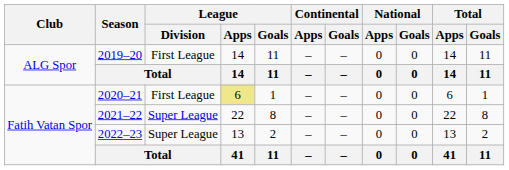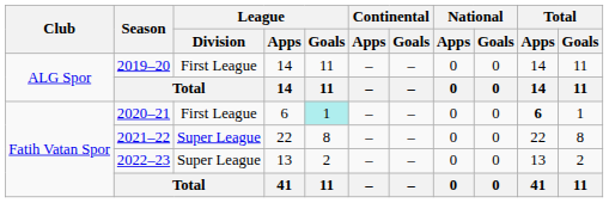 <table class="wikitable" style="text-align: center;">
 <tr>
 <th rowspan=2>Club</th>
 <th rowspan=2>Season</th>
 <th colspan=3>League</th>
 <th colspan=2>Continental</th>
 <th colspan=2>National</th>
 <th colspan=2>Total</th>
 </tr>
 <tr>
 <th>Division</th>
 <th>Apps</th>
 <th>Goals</th>
 <th>Apps</th>
 <th>Goals</th>
 <th>Apps</th>
 <th>Goals</th>
 <th>Apps</th>
 <th>Goals</th>
 </tr>
 <tr>
 <td rowspan=2><a href='#'>ALG Spor</a></td>
 <td><a href='#'>2019–20</a></td>
 <td>First League</td>
 <td>14</td>
 <td>11</td>
 <td>–</td>
 <td>–</td>
 <td>0</td>
 <td>0</td>
 <td>14</td>
 <td>11</td>
 </tr>
 <tr>
 <th colspan=2>Total</th>
 <th>14</th>
 <th>11</th>
 <th>–</th>
 <th>–</th>
 <th>0</th>
 <th>0</th>
 <th>14</th>
 <th>11</th>
 </tr>
 <tr>
 <td rowspan=4><a href='#'>Fatih Vatan Spor</a></td>
 <td><a href='#'>2020–21</a></td>
 <td>First League</td>
-<td style="background: khaki;">6</td>
-<td>1</td>
+<td>6</td>
+<td style="background: paleturquoise;">1</td>
 <td>–</td>
 <td>–</td>
 <td>0</td>
 <td>0</td>
-<td>6</td>
+<td><strong>6</strong></td>
 <td>1</td>
 </tr>
 <tr>
 <td><a href='#'>2021–22</a></td>
 <td><a href='#'>Super League</a></td>
 <td>22</td>
 <td>8</td>
 <td>–</td>
 <td>–</td>
 <td>0</td>
 <td>0</td>
 <td>22</td>
 <td>8</td>
 </tr>
 <tr>
 <td><a href='#'>2022–23</a></td>
 <td>Super League</td>
 <td>13</td>
 <td>2</td>
 <td>–</td>
 <td>–</td>
 <td>0</td>
 <td>0</td>
 <td>13</td>
 <td>2</td>
 </tr>
 <tr>
 <th colspan=2>Total</th>
 <th>41</th>
 <th>11</th>
 <th>–</th>
 <th>–</th>
 <th>0</th>
 <th>0</th>
 <th>41</th>
 <th>11</th>
 </tr>
 </table>
